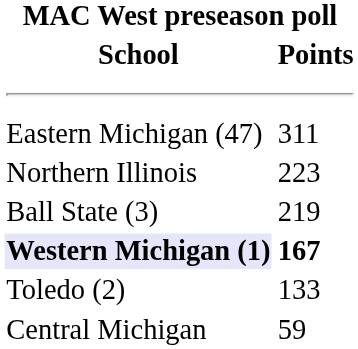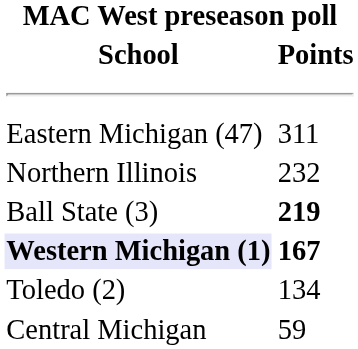 <table class="toccolours" style="float: left; margin-right: 1em;" cellspacing="2">
 <tr>
 <th colspan="2" style="text-align: center;">MAC West preseason poll</th>
 </tr>
 <tr>
 <th>School</th>
 <th>Points</th>
 </tr>
 <tr>
 <td colspan="2"><hr></td>
 </tr>
 <tr>
 <td>Eastern Michigan (47)</td>
 <td>311</td>
 </tr>
 <tr>
 <td>Northern Illinois</td>
-<td>223</td>
+<td>232</td>
 </tr>
 <tr>
 <td>Ball State (3)</td>
-<td>219</td>
+<td><strong>219</strong></td>
 </tr>
 <tr>
 <td style="background: lavender;"><strong>Western Michigan (1)</strong></td>
 <td><strong>167</strong></td>
 </tr>
 <tr>
 <td>Toledo (2)</td>
-<td>133</td>
+<td>134</td>
 </tr>
 <tr>
 <td>Central Michigan</td>
 <td>59</td>
 </tr>
 <tr>
 <td colspan=2><em></em></td>
 </tr>
 </table>
